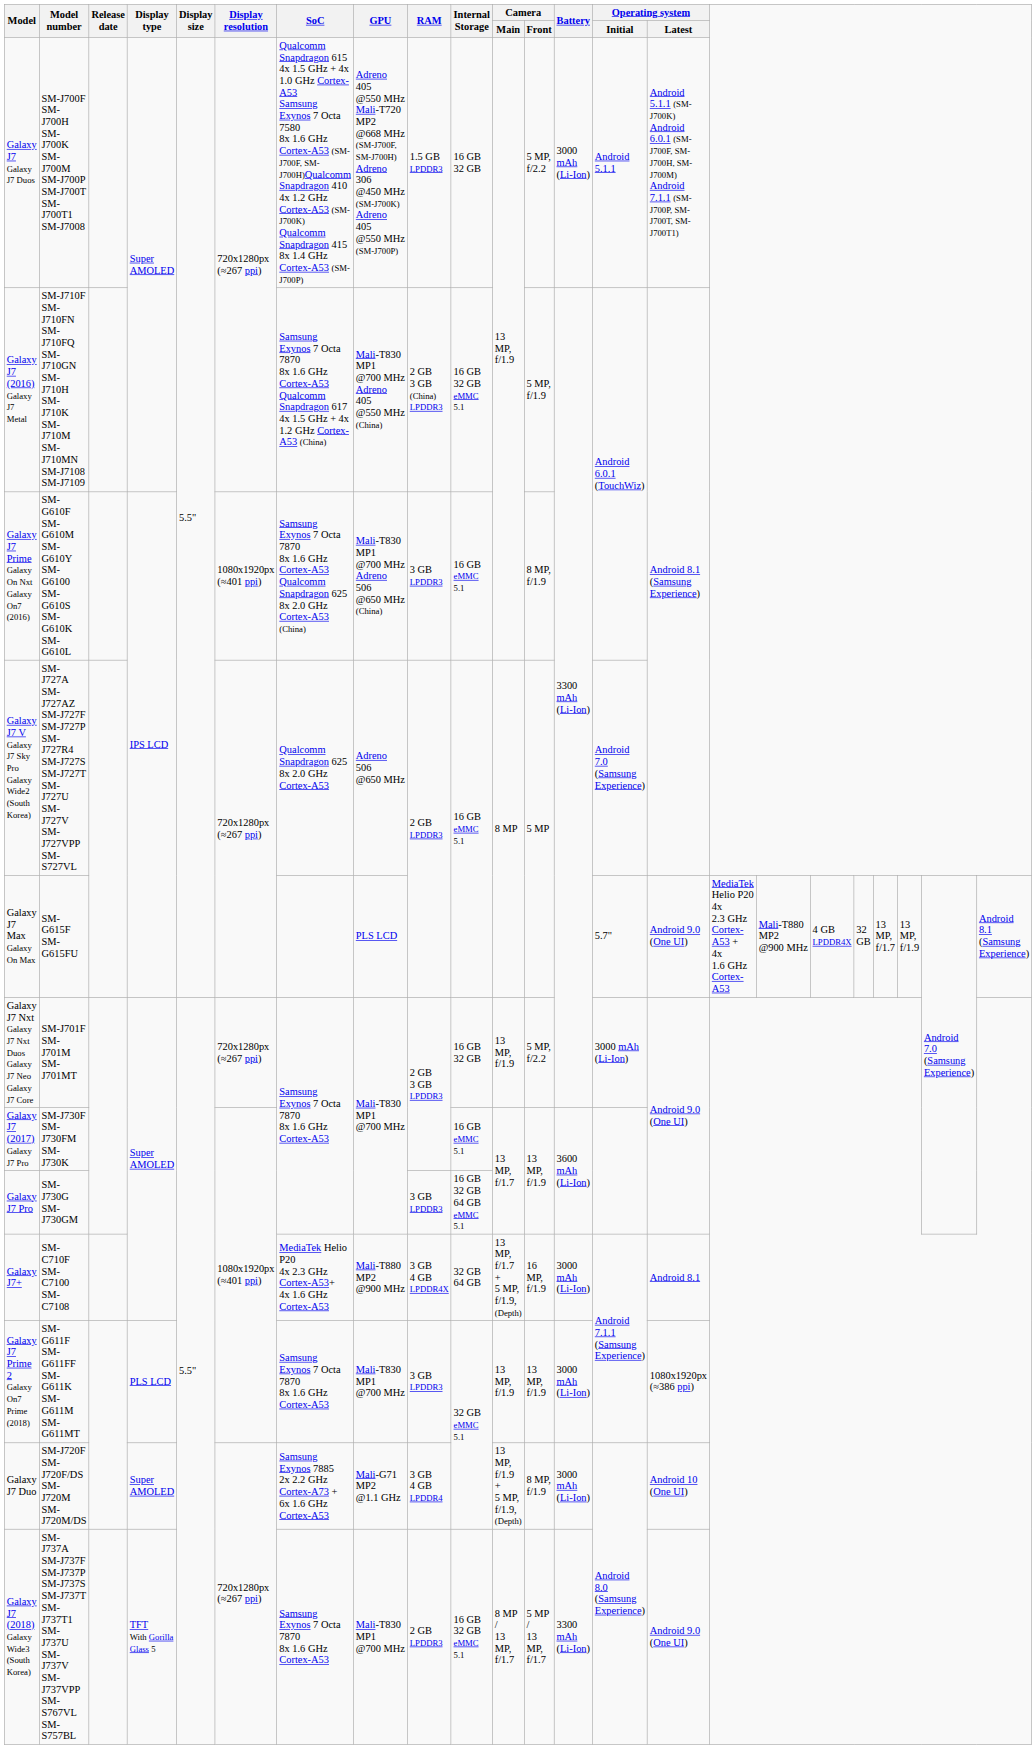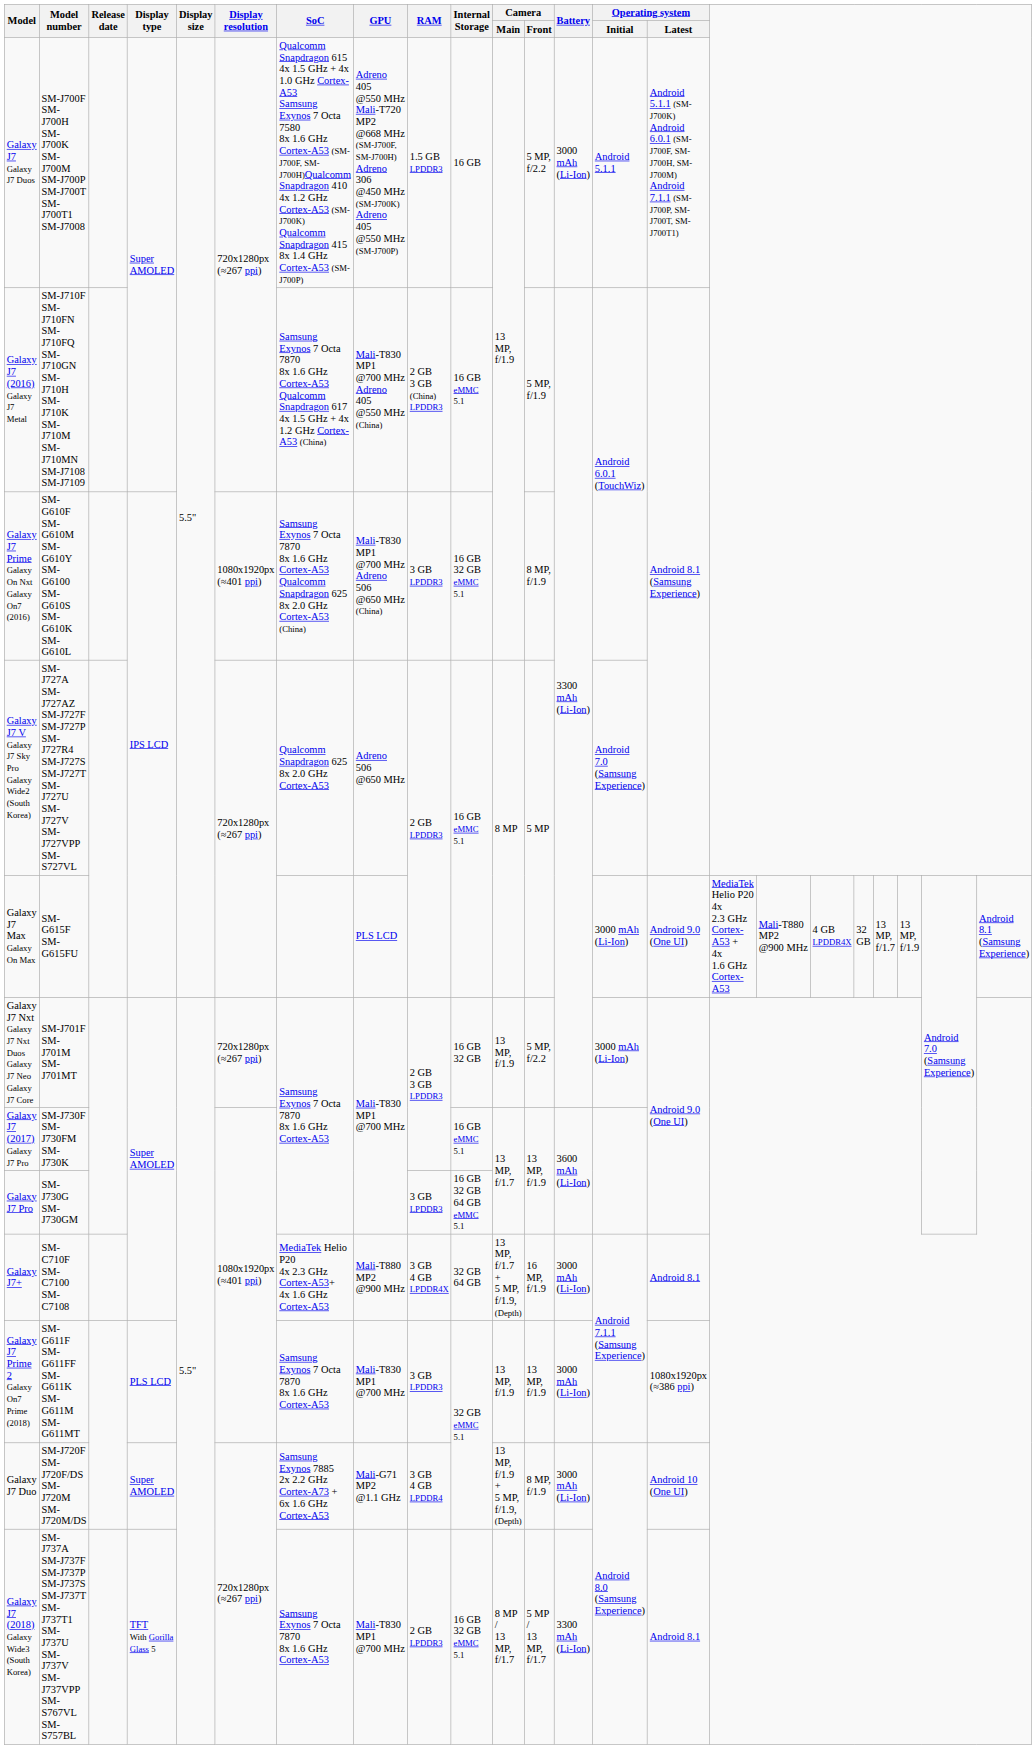 <table class="wikitable sortable">
 <tr>
 <th rowspan="2">Model</th>
 <th rowspan="2">Model number</th>
 <th rowspan="2">Release date</th>
 <th rowspan="2">Display type</th>
 <th rowspan="2">Display size</th>
 <th rowspan="2"><a href='#'>Display resolution</a></th>
 <th rowspan="2"><a href='#'>SoC</a></th>
 <th rowspan="2"><a href='#'>GPU</a></th>
 <th rowspan="2"><a href='#'>RAM</a></th>
 <th rowspan="2">Internal Storage</th>
 <th colspan="2">Camera</th>
 <th rowspan="2"><a href='#'>Battery</a></th>
 <th colspan="2"><a href='#'>Operating system</a></th>
 </tr>
 <tr>
 <th>Main</th>
 <th>Front</th>
 <th>Initial</th>
 <th>Latest</th>
 </tr>
 <tr>
 <td><a href='#'>Galaxy J7</a><br><small>Galaxy J7 Duos</small></td>
 <td>SM-J700F<br>SM-J700H<br>SM-J700K<br>SM-J700M<br>SM-J700P<br>SM-J700T<br>SM-J700T1<br>SM-J7008</td>
 <td></td>
 <td rowspan="2"><a href='#'>Super AMOLED</a></td>
 <td rowspan="5">5.5"</td>
 <td rowspan="2">720x1280px<br>(≈267 <a href='#'>ppi</a>)</td>
 <td><a href='#'>Qualcomm Snapdragon</a> 615<br>4x 1.5 GHz + 4x 1.0 GHz <a href='#'>Cortex-A53</a><br><a href='#'>Samsung Exynos</a> 7 Octa 7580<br>8x 1.6 GHz <a href='#'>Cortex-A53</a> <small>(SM-J700F, SM-J700H)</small><a href='#'>Qualcomm Snapdragon</a> 410<br>4x 1.2 GHz <a href='#'>Cortex-A53</a> <small>(SM-J700K)</small> <a href='#'>Qualcomm Snapdragon</a> 415<br>8x 1.4 GHz <a href='#'>Cortex-A53</a> <small>(SM-J700P)</small></td>
 <td><a href='#'>Adreno</a> 405<br>@550 MHz<br><a href='#'>Mali</a>-T720 MP2<br>@668 MHz <small>(SM-J700F, SM-J700H)</small> <a href='#'>Adreno</a> 306<br>@450 MHz <small>(SM-J700K)</small> <a href='#'>Adreno</a> 405<br>@550 MHz <small>(SM-J700P)</small></td>
 <td>1.5 GB<br><small><a href='#'>LPDDR3</a></small></td>
-<td>16 GB<br>32 GB</td>
+<td>16 GB</td>
 <td rowspan="3">13 MP, f/1.9</td>
 <td>5 MP, f/2.2</td>
 <td>3000 <a href='#'>mAh</a><br>(<a href='#'>Li-Ion</a>)</td>
 <td><a href='#'>Android 5.1.1</a></td>
 <td><a href='#'>Android 5.1.1</a> <small>(SM-J700K)</small><br><a href='#'>Android 6.0.1</a> <small>(SM-J700F, SM-J700H, SM-J700M)</small><br><a href='#'>Android 7.1.1</a> <small>(SM-J700P, SM-J700T, SM-J700T1)</small></td>
 </tr>
 <tr>
 <td><a href='#'>Galaxy J7 (2016)</a><br><small>Galaxy J7 Metal</small></td>
 <td>SM-J710F<br>SM-J710FN<br>SM-J710FQ<br>SM-J710GN<br>SM-J710H<br>SM-J710K<br>SM-J710M<br>SM-J710MN<br>SM-J7108<br>SM-J7109</td>
 <td></td>
 <td><a href='#'>Samsung Exynos</a> 7 Octa 7870<br>8x 1.6 GHz <a href='#'>Cortex-A53</a><br><a href='#'>Qualcomm Snapdragon</a> 617<br>4x 1.5 GHz + 4x 1.2 GHz <a href='#'>Cortex-A53</a> <small>(China)</small></td>
 <td><a href='#'>Mali</a>-T830 MP1<br>@700 MHz<br><a href='#'>Adreno</a> 405<br>@550 MHz <small>(China)</small></td>
 <td>2 GB<br>3 GB <small>(China)</small><br><small><a href='#'>LPDDR3</a></small></td>
-<td>16 GB<br>32 GB<br><small><a href='#'>eMMC</a> 5.1</small></td>
+<td>16 GB<br><small><a href='#'>eMMC</a> 5.1</small></td>
 <td>5 MP, f/1.9</td>
 <td rowspan="5">3300 <a href='#'>mAh</a><br>(<a href='#'>Li-Ion</a>)</td>
 <td rowspan="2"><a href='#'>Android 6.0.1</a><br>(<a href='#'>TouchWiz</a>)</td>
 <td rowspan="3"><a href='#'>Android 8.1</a><br>(<a href='#'>Samsung Experience</a>)</td>
 </tr>
 <tr>
 <td><a href='#'>Galaxy J7 Prime</a><br><small>Galaxy On Nxt</small><br><small>Galaxy On7 (2016)</small></td>
 <td>SM-G610F<br>SM-G610M<br>SM-G610Y<br>SM-G6100<br>SM-G610S<br>SM-G610K<br>SM-G610L</td>
 <td></td>
 <td rowspan="3"><a href='#'>IPS LCD</a></td>
 <td>1080x1920px<br>(≈401 <a href='#'>ppi</a>)</td>
 <td><a href='#'>Samsung Exynos</a> 7 Octa 7870<br>8x 1.6 GHz <a href='#'>Cortex-A53</a> <a href='#'>Qualcomm Snapdragon</a> 625<br>8x 2.0 GHz <a href='#'>Cortex-A53</a> <small>(China)</small></td>
 <td><a href='#'>Mali</a>-T830 MP1<br>@700 MHz <a href='#'>Adreno</a> 506<br>@650 MHz <small>(China)</small></td>
 <td>3 GB<br><small><a href='#'>LPDDR3</a></small></td>
-<td>16 GB<br><small><a href='#'>eMMC</a> 5.1</small></td>
+<td>16 GB<br>32 GB<br><small><a href='#'>eMMC</a> 5.1</small></td>
 <td>8 MP, f/1.9</td>
 </tr>
 <tr>
 <td><a href='#'>Galaxy J7 V</a><br><small>Galaxy J7 Sky Pro</small><br><small>Galaxy Wide2 (South Korea)</small></td>
 <td>SM-J727A<br>SM-J727AZ<br>SM-J727F<br>SM-J727P<br>SM-J727R4<br>SM-J727S<br>SM-J727T<br>SM-J727U<br>SM-J727V<br>SM-J727VPP<br>SM-S727VL</td>
 <td rowspan="2"></td>
 <td rowspan="2">720x1280px<br>(≈267 <a href='#'>ppi</a>)</td>
 <td><a href='#'>Qualcomm Snapdragon</a> 625<br>8x 2.0 GHz <a href='#'>Cortex-A53</a></td>
 <td><a href='#'>Adreno</a> 506<br>@650 MHz</td>
 <td rowspan="2">2 GB<br><small><a href='#'>LPDDR3</a></small></td>
 <td rowspan="2">16 GB<br><small><a href='#'>eMMC</a> 5.1</small></td>
 <td rowspan="2">8 MP</td>
 <td rowspan="2">5 MP</td>
 <td><a href='#'>Android 7.0</a><br>(<a href='#'>Samsung Experience</a>)</td>
 </tr>
 <tr>
 <td>Galaxy J7 Max<br><small>Galaxy On Max</small></td>
 <td>SM-G615F<br>SM-G615FU</td>
 <td></td>
 <td><a href='#'>PLS LCD</a></td>
-<td>5.7"</td>
+<td>3000 <a href='#'>mAh</a><br>(<a href='#'>Li-Ion</a>)</td>
 <td><a href='#'>Android 9.0</a><br>(<a href='#'>One UI</a>)</td>
 <td><a href='#'>MediaTek</a> Helio P20<br>4x 2.3 GHz <a href='#'>Cortex-A53</a> +<br>4x 1.6 GHz <a href='#'>Cortex-A53</a></td>
 <td><a href='#'>Mali</a>-T880 MP2<br>@900 MHz</td>
 <td>4 GB<br><small><a href='#'>LPDDR4X</a></small></td>
 <td>32 GB</td>
 <td>13 MP, f/1.7</td>
 <td>13 MP, f/1.9</td>
 <td rowspan="4"><a href='#'>Android 7.0</a><br>(<a href='#'>Samsung Experience</a>)</td>
 <td><a href='#'>Android 8.1</a><br>(<a href='#'>Samsung Experience</a>)</td>
 </tr>
 <tr>
 <td>Galaxy J7 Nxt<br><small>Galaxy J7 Nxt Duos</small><br><small>Galaxy J7 Neo</small><br><small>Galaxy J7 Core</small></td>
 <td>SM-J701F<br>SM-J701M<br>SM-J701MT</td>
 <td rowspan="3"></td>
 <td rowspan="4"><a href='#'>Super AMOLED</a></td>
 <td rowspan="7">5.5"</td>
 <td>720x1280px<br>(≈267 <a href='#'>ppi</a>)</td>
 <td rowspan="3"><a href='#'>Samsung Exynos</a> 7 Octa 7870<br>8x 1.6 GHz <a href='#'>Cortex-A53</a></td>
 <td rowspan="3"><a href='#'>Mali</a>-T830 MP1<br>@700 MHz</td>
 <td rowspan="2">2 GB<br>3 GB<br><small><a href='#'>LPDDR3</a></small></td>
 <td>16 GB<br>32 GB</td>
 <td>13 MP, f/1.9</td>
 <td>5 MP, f/2.2</td>
 <td>3000 <a href='#'>mAh</a><br>(<a href='#'>Li-Ion</a>)</td>
 <td rowspan="3"><a href='#'>Android 9.0</a><br>(<a href='#'>One UI</a>)</td>
 </tr>
 <tr>
 <td><a href='#'>Galaxy J7 (2017)</a><br><small>Galaxy J7 Pro</small></td>
 <td>SM-J730F<br>SM-J730FM<br>SM-J730K</td>
 <td rowspan="4">1080x1920px<br>(≈401 <a href='#'>ppi</a>)</td>
 <td>16 GB<br><small><a href='#'>eMMC</a> 5.1</small></td>
 <td rowspan="2">13 MP, f/1.7</td>
 <td rowspan="2">13 MP, f/1.9</td>
 <td rowspan="2">3600 <a href='#'>mAh</a><br>(<a href='#'>Li-Ion</a>)</td>
 </tr>
 <tr>
 <td><a href='#'>Galaxy J7 Pro</a></td>
 <td>SM-J730G<br>SM-J730GM</td>
 <td>3 GB<br><small><a href='#'>LPDDR3</a></small></td>
 <td>16 GB<br>32 GB<br>64 GB<br><small><a href='#'>eMMC</a> 5.1</small></td>
 </tr>
 <tr>
 <td><a href='#'>Galaxy J7+</a></td>
 <td>SM-C710F<br>SM-C7100<br>SM-C7108</td>
 <td></td>
 <td><a href='#'>MediaTek</a> Helio P20<br>4x 2.3 GHz <a href='#'>Cortex-A53</a>+<br>4x 1.6 GHz <a href='#'>Cortex-A53</a></td>
 <td><a href='#'>Mali</a>-T880 MP2<br>@900 MHz</td>
 <td>3 GB<br>4 GB<br><small><a href='#'>LPDDR4X</a></small></td>
 <td>32 GB<br>64 GB</td>
 <td>13 MP, f/1.7 +<br>5 MP, f/1.9, <small>(Depth)</small></td>
 <td>16 MP, f/1.9</td>
 <td>3000 <a href='#'>mAh</a><br>(<a href='#'>Li-Ion</a>)</td>
 <td rowspan="2"><a href='#'>Android 7.1.1</a><br>(<a href='#'>Samsung Experience</a>)</td>
 <td><a href='#'>Android 8.1</a></td>
 </tr>
 <tr>
 <td><a href='#'>Galaxy J7 Prime 2</a><br><small>Galaxy On7 Prime (2018)</small></td>
 <td>SM-G611F<br>SM-G611FF<br>SM-G611K<br>SM-G611M<br>SM-G611MT</td>
 <td rowspan="2"></td>
 <td><a href='#'>PLS LCD</a></td>
 <td><a href='#'>Samsung Exynos</a> 7 Octa 7870<br>8x 1.6 GHz <a href='#'>Cortex-A53</a></td>
 <td><a href='#'>Mali</a>-T830 MP1<br>@700 MHz</td>
 <td>3 GB<br><small><a href='#'>LPDDR3</a></small></td>
 <td rowspan="2">32 GB<br><small><a href='#'>eMMC</a> 5.1</small></td>
 <td>13 MP, f/1.9</td>
 <td>13 MP, f/1.9</td>
 <td>3000 <a href='#'>mAh</a><br>(<a href='#'>Li-Ion</a>)</td>
 <td>1080x1920px<br>(≈386 <a href='#'>ppi</a>)</td>
 </tr>
 <tr>
 <td>Galaxy J7 Duo</td>
 <td>SM-J720F<br>SM-J720F/DS<br>SM-J720M<br>SM-J720M/DS</td>
 <td><a href='#'>Super AMOLED</a></td>
 <td rowspan="2">720x1280px<br>(≈267 <a href='#'>ppi</a>)</td>
 <td><a href='#'>Samsung Exynos</a> 7885<br>2x 2.2 GHz <a href='#'>Cortex-A73</a> +<br>6x 1.6 GHz <a href='#'>Cortex-A53</a></td>
 <td><a href='#'>Mali</a>-G71 MP2<br>@1.1 GHz</td>
 <td>3 GB<br>4 GB<br><small><a href='#'>LPDDR4</a></small></td>
 <td>13 MP, f/1.9 +<br>5 MP, f/1.9, <small>(Depth)</small></td>
 <td>8 MP, f/1.9</td>
 <td>3000 <a href='#'>mAh</a><br>(<a href='#'>Li-Ion</a>)</td>
 <td rowspan="2"><a href='#'>Android 8.0</a><br>(<a href='#'>Samsung Experience</a>)</td>
 <td><a href='#'>Android 10</a><br>(<a href='#'>One UI</a>)</td>
 </tr>
 <tr>
 <td><a href='#'>Galaxy J7 (2018)</a><br><small>Galaxy Wide3 (South Korea)</small></td>
 <td>SM-J737A<br>SM-J737F<br>SM-J737P<br>SM-J737S<br>SM-J737T<br>SM-J737T1<br>SM-J737U<br>SM-J737V<br>SM-J737VPP SM-S767VL<br>SM-S757BL</td>
 <td></td>
 <td><a href='#'>TFT</a><br><small>With <a href='#'>Gorilla Glass</a> 5</small></td>
 <td><a href='#'>Samsung Exynos</a> 7 Octa 7870<br>8x 1.6 GHz <a href='#'>Cortex-A53</a></td>
 <td><a href='#'>Mali</a>-T830 MP1<br>@700 MHz</td>
 <td>2 GB<br><small><a href='#'>LPDDR3</a></small></td>
 <td>16 GB<br>32 GB<br><small><a href='#'>eMMC</a> 5.1</small></td>
 <td>8 MP /<br>13 MP, f/1.7</td>
 <td>5 MP /<br>13 MP, f/1.7</td>
 <td>3300 <a href='#'>mAh</a><br>(<a href='#'>Li-Ion</a>)</td>
-<td><a href='#'>Android 9.0</a><br>(<a href='#'>One UI</a>)</td>
+<td><a href='#'>Android 8.1</a></td>
 </tr>
 </table>
